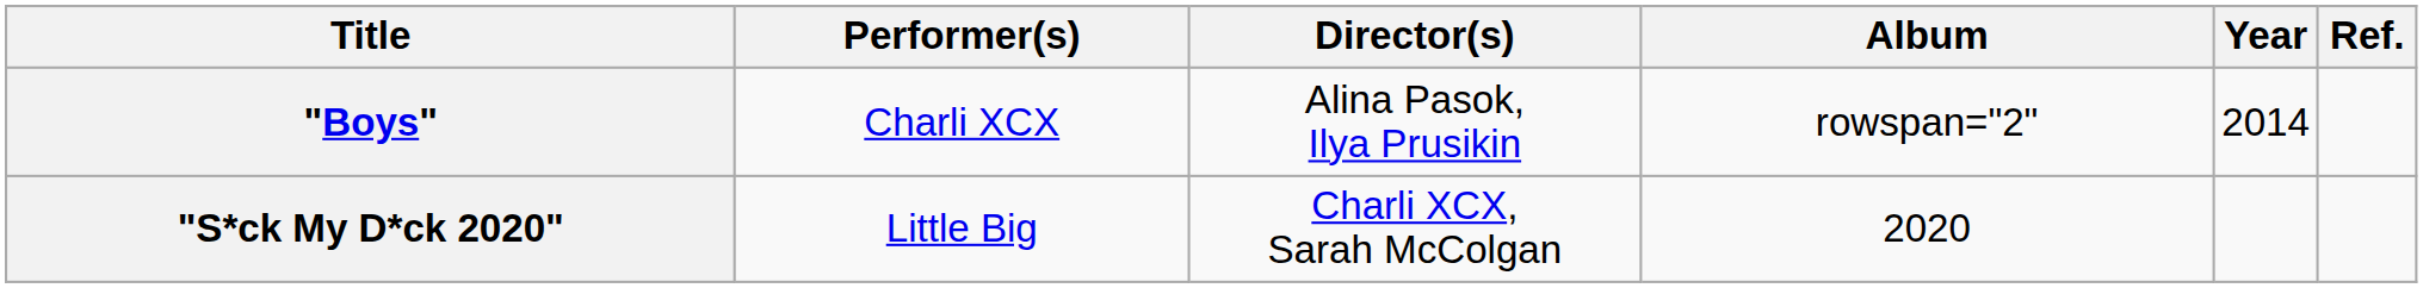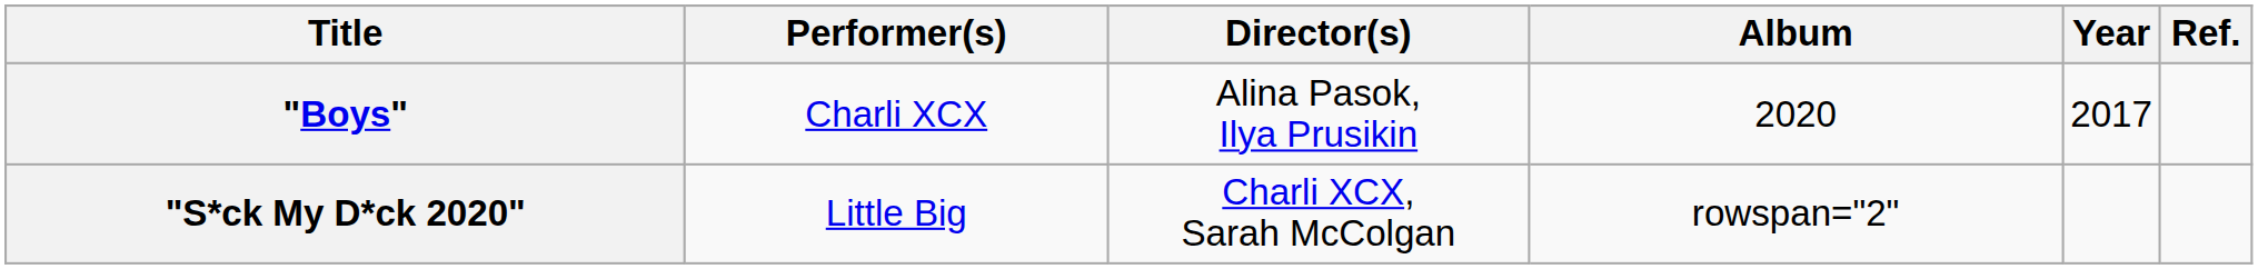 <table class="wikitable plainrowheaders" style="text-align:center;">
 <tr>
 <th scope="col" style="width: 18em;">Title</th>
 <th scope="col" style="width: 11em;">Performer(s)</th>
 <th scope="col" style="width: 11em;">Director(s)</th>
 <th scope="col" style="width: 14em;">Album</th>
 <th scope="col" style="width: 2em;">Year</th>
 <th scope="col" style="width: 2em;" class="unsortable">Ref.</th>
 </tr>
 <tr>
 <th scope="row">"<a href='#'>Boys</a>"</th>
 <td><a href='#'>Charli XCX</a></td>
 <td>Alina Pasok,<br><a href='#'>Ilya Prusikin</a></td>
-<td>rowspan="2" </td>
-<td>2014</td>
+<td>2020</td>
+<td>2017</td>
 <td></td>
 </tr>
 <tr>
 <th scope="row">"S*ck My D*ck 2020"</th>
 <td><a href='#'>Little Big</a></td>
 <td><a href='#'>Charli XCX</a>, <br>Sarah McColgan</td>
-<td>2020</td>
+<td>rowspan="2" </td>
 <td></td>
 </tr>
 </table>
